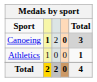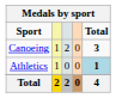 <table class=wikitable style="font-size:85%; float:right">
 <tr bgcolor=efefef>
 <th colspan=7><strong>Medals by sport</strong></th>
 </tr>
 <tr align=center>
 <td><strong>Sport</strong></td>
 <td bgcolor=f7f6a8></td>
 <td bgcolor=dce5e5></td>
 <td bgcolor=ffdab9></td>
 <td><strong>Total</strong></td>
 </tr>
 <tr align=center>
 <td><a href='#'>Canoeing</a></td>
-<td style="background:#F7F6A8;"><strong>1</strong></td>
+<td style="background:#F7F6A8;">1</td>
 <td style="background:#DCE5E5;">2</td>
-<td style="background:#FFDAB9;"><strong>0</strong></td>
-<td style="background: lightgrey;"><strong>3</strong></td>
+<td style="background:#FFDAB9;">0</td>
+<td><strong>3</strong></td>
 </tr>
 <tr align=center>
 <td><a href='#'>Athletics</a></td>
 <td style="background:#F7F6A8;">1</td>
 <td style="background:#DCE5E5;">0</td>
 <td style="background:#FFDAB9;">0</td>
-<td><strong>1</strong></td>
+<td style="background: lightblue;"><strong>1</strong></td>
 </tr>
 <tr>
 </tr>
 <tr align=center>
 <th>Total</th>
 <th style="background:gold">2</th>
 <th style="background:silver">2</th>
 <th style="background:#c96">0</th>
 <th>4</th>
 </tr>
 </table>
